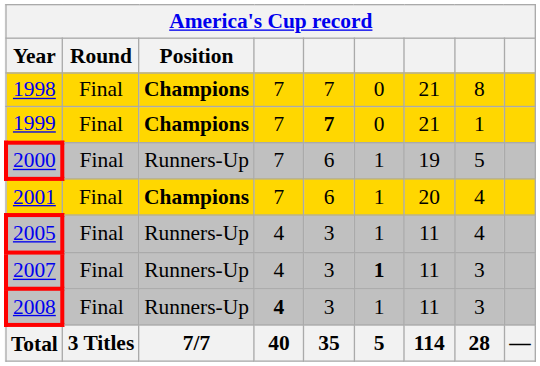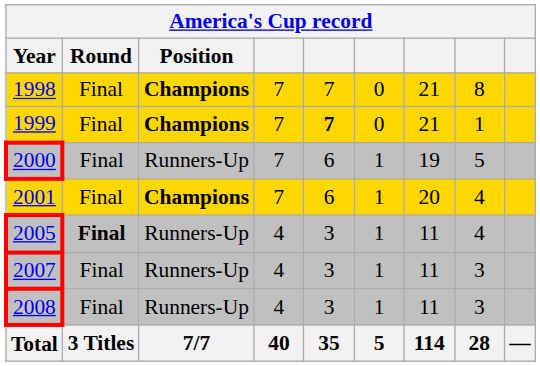 <table class="wikitable" style="text-align: center;">
 <tr>
 <th colspan=9><a href='#'>America's Cup record</a></th>
 </tr>
 <tr>
 <th>Year</th>
 <th>Round</th>
 <th>Position</th>
 <th width=30></th>
 <th width=30></th>
 <th width=30></th>
 <th width=30></th>
 <th width=30></th>
 <th></th>
 </tr>
 <tr bgcolor=gold>
 <td> <a href='#'>1998</a></td>
 <td>Final</td>
 <td align="center"><strong>Champions</strong></td>
 <td>7</td>
 <td>7</td>
 <td>0</td>
 <td>21</td>
 <td>8</td>
 <td></td>
 </tr>
 <tr bgcolor=gold>
 <td> <a href='#'>1999</a></td>
 <td>Final</td>
 <td align="center"><strong>Champions</strong></td>
 <td>7</td>
 <td><strong>7</strong></td>
 <td>0</td>
 <td>21</td>
 <td>1</td>
 <td></td>
 </tr>
 <tr bgcolor=silver>
 <td style="border: 3px solid red"> <a href='#'>2000</a></td>
 <td>Final</td>
 <td align="center">Runners-Up</td>
 <td>7</td>
 <td>6</td>
 <td>1</td>
 <td>19</td>
 <td>5</td>
 <td></td>
 </tr>
 <tr bgcolor=gold>
 <td> <a href='#'>2001</a></td>
 <td>Final</td>
 <td align="center"><strong>Champions</strong></td>
 <td>7</td>
 <td>6</td>
 <td>1</td>
 <td>20</td>
 <td>4</td>
 <td></td>
 </tr>
 <tr bgcolor=silver>
 <td style="border: 3px solid red"> <a href='#'>2005</a></td>
-<td>Final</td>
+<td><strong>Final</strong></td>
 <td align="center">Runners-Up</td>
 <td>4</td>
 <td>3</td>
 <td>1</td>
 <td>11</td>
 <td>4</td>
 <td></td>
 </tr>
 <tr bgcolor=silver>
 <td style="border: 3px solid red"> <a href='#'>2007</a></td>
 <td>Final</td>
 <td align="center">Runners-Up</td>
 <td>4</td>
 <td>3</td>
-<td><strong>1</strong></td>
+<td>1</td>
 <td>11</td>
 <td>3</td>
 <td></td>
 </tr>
 <tr bgcolor=silver>
 <td style="border: 3px solid red"> <a href='#'>2008</a></td>
 <td>Final</td>
 <td align="center">Runners-Up</td>
-<td><strong>4</strong></td>
+<td>4</td>
 <td>3</td>
 <td>1</td>
 <td>11</td>
 <td>3</td>
 <td></td>
 </tr>
 <tr>
 <th>Total</th>
 <th>3 Titles</th>
 <th>7/7</th>
 <th>40</th>
 <th>35</th>
 <th>5</th>
 <th>114</th>
 <th>28</th>
 <th>—</th>
 </tr>
 </table>
